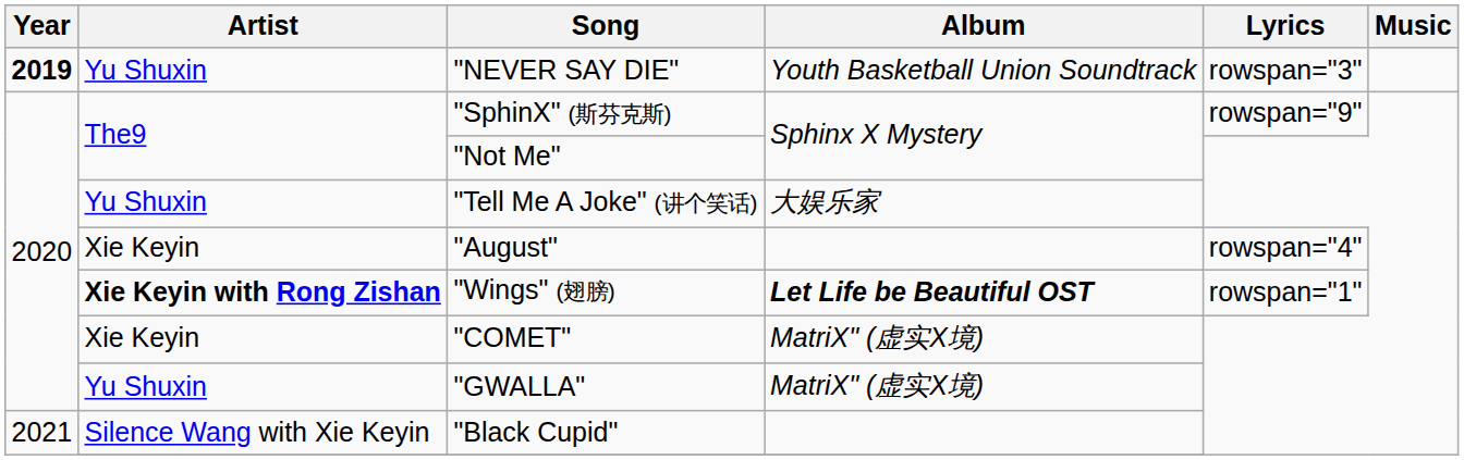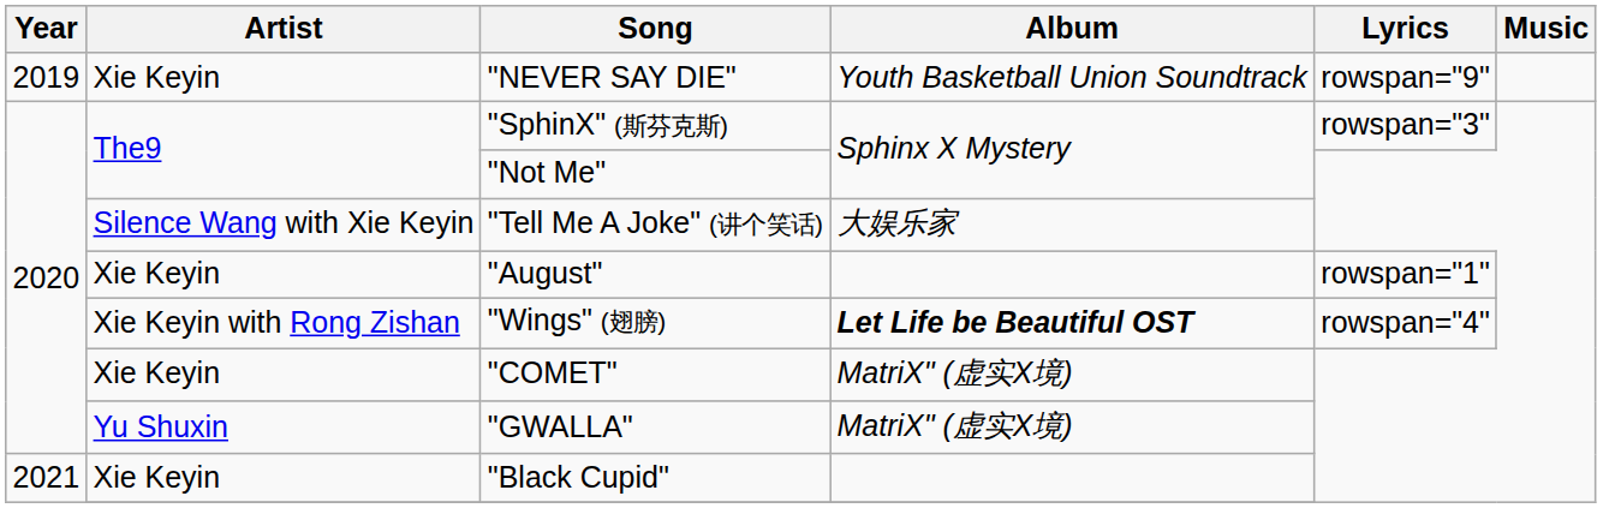 <table class="wikitable sortable">
 <tr>
 <th>Year</th>
 <th>Artist</th>
 <th>Song</th>
 <th>Album</th>
 <th>Lyrics</th>
 <th>Music</th>
 </tr>
 <tr>
-<td><strong>2019</strong></td>
-<td><a href='#'>Yu Shuxin</a></td>
+<td>2019</td>
+<td>Xie Keyin</td>
 <td>"NEVER SAY DIE"</td>
 <td rowspan=1><em>Youth Basketball Union Soundtrack</em></td>
-<td>rowspan="3" </td>
+<td>rowspan="9" </td>
 <td></td>
 </tr>
 <tr>
 <td rowspan="7">2020</td>
 <td rowspan="2"><a href='#'>The9</a></td>
 <td>"SphinX" <small>(斯芬克斯)</small></td>
 <td rowspan="2"><em>Sphinx X Mystery</em></td>
-<td>rowspan="9" </td>
+<td>rowspan="3" </td>
 </tr>
 <tr>
 <td>"Not Me"</td>
 </tr>
 <tr>
-<td><a href='#'>Yu Shuxin</a></td>
+<td><a href='#'>Silence Wang</a> with Xie Keyin</td>
 <td>"Tell Me A Joke" <small>(讲个笑话)</small></td>
 <td><em>大娱乐家</em></td>
 </tr>
 <tr>
 <td>Xie Keyin</td>
 <td>"August"</td>
 <td></td>
-<td>rowspan="4" </td>
+<td>rowspan="1" </td>
 </tr>
 <tr>
-<td><strong>Xie Keyin with <a href='#'>Rong Zishan</a></strong></td>
+<td>Xie Keyin with <a href='#'>Rong Zishan</a></td>
 <td>"Wings" <small>(翅膀)</small></td>
 <td><strong><em>Let Life be Beautiful OST</em></strong></td>
-<td>rowspan="1" </td>
+<td>rowspan="4" </td>
 </tr>
 <tr>
 <td>Xie Keyin</td>
 <td>"COMET"</td>
 <td><em>MatriX" (虚实X境)</em></td>
 </tr>
 <tr>
 <td><a href='#'>Yu Shuxin</a></td>
 <td>"GWALLA"</td>
 <td><em>MatriX" (虚实X境)</em></td>
 </tr>
 <tr>
 <td rowspan="7">2021</td>
-<td><a href='#'>Silence Wang</a> with Xie Keyin</td>
+<td>Xie Keyin</td>
 <td>"Black Cupid"</td>
 <td></td>
 </tr>
 <tr>
 </tr>
 </table>
